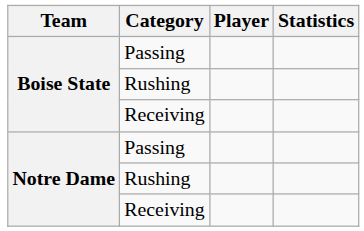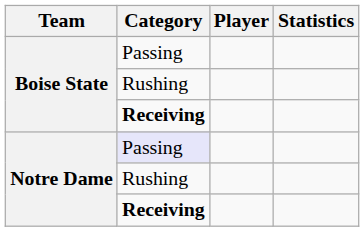 <table class="wikitable" style="float:right">
 <tr>
 <th>Team</th>
 <th>Category</th>
 <th>Player</th>
 <th>Statistics</th>
 </tr>
 <tr>
 <th rowspan=3>Boise State</th>
 <td>Passing</td>
 <td></td>
 <td></td>
 </tr>
 <tr>
 <td>Rushing</td>
 <td></td>
 <td></td>
 </tr>
 <tr>
-<td>Receiving</td>
+<td><strong>Receiving</strong></td>
 <td></td>
 <td></td>
 </tr>
 <tr>
 <th rowspan=3>Notre Dame</th>
-<td>Passing</td>
+<td style="background: lavender;">Passing</td>
 <td></td>
 <td></td>
 </tr>
 <tr>
 <td>Rushing</td>
 <td></td>
 <td></td>
 </tr>
 <tr>
-<td>Receiving</td>
+<td><strong>Receiving</strong></td>
 <td></td>
 <td></td>
 </tr>
 </table>
